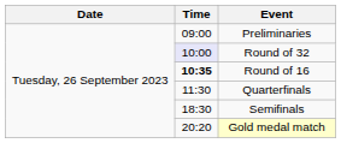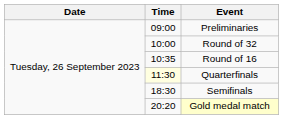 <table class = "wikitable" style="text-align:center;">
 <tr>
 <th width=220>Date</th>
 <th width=50>Time</th>
 <th width=150>Event</th>
 </tr>
 <tr>
 <td rowspan=6>Tuesday, 26 September 2023</td>
 <td>09:00</td>
 <td>Preliminaries</td>
 </tr>
 <tr>
-<td style="background: lavender;">10:00</td>
+<td>10:00</td>
 <td>Round of 32</td>
 </tr>
 <tr>
-<td><strong>10:35</strong></td>
+<td>10:35</td>
 <td>Round of 16</td>
 </tr>
 <tr>
-<td>11:30</td>
+<td style="background: lightyellow;">11:30</td>
 <td>Quarterfinals</td>
 </tr>
 <tr>
 <td>18:30</td>
 <td>Semifinals</td>
 </tr>
 <tr>
 <td>20:20</td>
 <td bgcolor=ffffcc>Gold medal match</td>
 </tr>
 </table>
